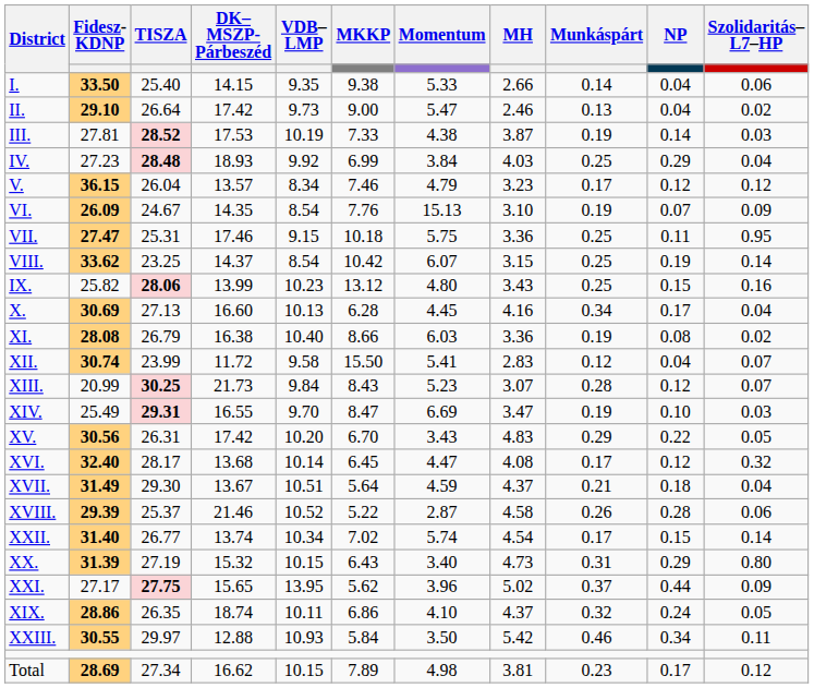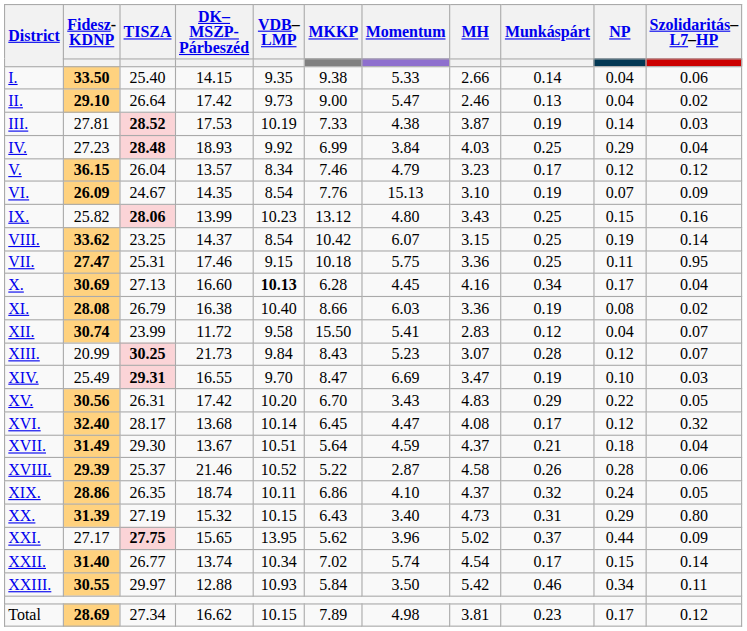 <table class="wikitable sortable" style="text-align:center;font-size:90%;line-height:14px">
 <tr style="height:40px;">
 <th style="width:30px;" rowspan="2"><a href='#'>District</a></th>
 <th style="width:40px;"><a href='#'>Fidesz</a>-<a href='#'>KDNP</a></th>
 <th style="width:40px;"><a href='#'>TISZA</a></th>
 <th style="width:40px;"><a href='#'>DK–MSZP-Párbeszéd</a></th>
 <th style="width:40px;"><a href='#'>VDB</a>–<a href='#'>LMP</a></th>
 <th style="width:40px;"><a href='#'>MKKP</a></th>
 <th style="width:40px;"><a href='#'>Momentum</a></th>
 <th style="width:40px;"><a href='#'>MH</a></th>
 <th style="width:40px;"><a href='#'>Munkáspárt</a></th>
 <th style="width:40px;"><a href='#'>NP</a></th>
 <th style="width:40px;"><a href='#'>Szolidaritás</a>–<a href='#'>L7</a>–<a href='#'>HP</a></th>
 </tr>
 <tr>
 <th style="background:"></th>
 <th style="background:"></th>
 <th style="background:"></th>
 <th style="background:"></th>
 <th style="background:#808080;"></th>
 <th style="background:#8E6FCE;"></th>
 <th style="background:"></th>
 <th style="background:"></th>
 <th style="background:#023854;"></th>
 <th style="background:#CC0000;"></th>
 </tr>
 <tr>
 <td align="left"><a href='#'>I.</a></td>
 <td style="background:#ffd27f;"><strong>33.50</strong></td>
 <td>25.40</td>
 <td>14.15</td>
 <td>9.35</td>
 <td>9.38</td>
 <td>5.33</td>
 <td>2.66</td>
 <td>0.14</td>
 <td>0.04</td>
 <td>0.06</td>
 </tr>
 <tr>
 <td align="left"><a href='#'>II.</a></td>
 <td style="background:#ffd27f;"><strong>29.10</strong></td>
 <td>26.64</td>
 <td>17.42</td>
 <td>9.73</td>
 <td>9.00</td>
 <td>5.47</td>
 <td>2.46</td>
 <td>0.13</td>
 <td>0.04</td>
 <td>0.02</td>
 </tr>
 <tr>
 <td align="left"><a href='#'>III.</a></td>
 <td>27.81</td>
 <td style="background:#FBD4D7;"><strong>28.52</strong></td>
 <td>17.53</td>
 <td>10.19</td>
 <td>7.33</td>
 <td>4.38</td>
 <td>3.87</td>
 <td>0.19</td>
 <td>0.14</td>
 <td>0.03</td>
 </tr>
 <tr>
 <td align="left"><a href='#'>IV.</a></td>
 <td>27.23</td>
 <td style="background:#FBD4D7;"><strong>28.48</strong></td>
 <td>18.93</td>
 <td>9.92</td>
 <td>6.99</td>
 <td>3.84</td>
 <td>4.03</td>
 <td>0.25</td>
 <td>0.29</td>
 <td>0.04</td>
 </tr>
 <tr>
 <td align="left"><a href='#'>V.</a></td>
 <td style="background:#ffd27f;"><strong>36.15</strong></td>
 <td>26.04</td>
 <td>13.57</td>
 <td>8.34</td>
 <td>7.46</td>
 <td>4.79</td>
 <td>3.23</td>
 <td>0.17</td>
 <td>0.12</td>
 <td>0.12</td>
 </tr>
 <tr>
 <td align="left"><a href='#'>VI.</a></td>
 <td style="background:#ffd27f;"><strong>26.09</strong></td>
 <td>24.67</td>
 <td>14.35</td>
 <td>8.54</td>
 <td>7.76</td>
 <td>15.13</td>
 <td>3.10</td>
 <td>0.19</td>
 <td>0.07</td>
 <td>0.09</td>
 </tr>
 <tr>
-<td align="left"><a href='#'>VII.</a></td>
-<td style="background:#ffd27f;"><strong>27.47</strong></td>
-<td>25.31</td>
-<td>17.46</td>
-<td>9.15</td>
-<td>10.18</td>
-<td>5.75</td>
-<td>3.36</td>
+<td align="left"><a href='#'>IX.</a></td>
+<td>25.82</td>
+<td style="background:#FBD4D7;"><strong>28.06</strong></td>
+<td>13.99</td>
+<td>10.23</td>
+<td>13.12</td>
+<td>4.80</td>
+<td>3.43</td>
 <td>0.25</td>
-<td>0.11</td>
-<td>0.95</td>
+<td>0.15</td>
+<td>0.16</td>
 </tr>
 <tr>
 <td align="left"><a href='#'>VIII.</a></td>
 <td style="background:#ffd27f;"><strong>33.62</strong></td>
 <td>23.25</td>
 <td>14.37</td>
 <td>8.54</td>
 <td>10.42</td>
 <td>6.07</td>
 <td>3.15</td>
 <td>0.25</td>
 <td>0.19</td>
 <td>0.14</td>
 </tr>
 <tr>
-<td align="left"><a href='#'>IX.</a></td>
-<td>25.82</td>
-<td style="background:#FBD4D7;"><strong>28.06</strong></td>
-<td>13.99</td>
-<td>10.23</td>
-<td>13.12</td>
-<td>4.80</td>
-<td>3.43</td>
+<td align="left"><a href='#'>VII.</a></td>
+<td style="background:#ffd27f;"><strong>27.47</strong></td>
+<td>25.31</td>
+<td>17.46</td>
+<td>9.15</td>
+<td>10.18</td>
+<td>5.75</td>
+<td>3.36</td>
 <td>0.25</td>
-<td>0.15</td>
-<td>0.16</td>
+<td>0.11</td>
+<td>0.95</td>
 </tr>
 <tr>
 <td align="left"><a href='#'>X.</a></td>
 <td style="background:#ffd27f;"><strong>30.69</strong></td>
 <td>27.13</td>
 <td>16.60</td>
-<td>10.13</td>
+<td><strong>10.13</strong></td>
 <td>6.28</td>
 <td>4.45</td>
 <td>4.16</td>
 <td>0.34</td>
 <td>0.17</td>
 <td>0.04</td>
 </tr>
 <tr>
 <td align="left"><a href='#'>XI.</a></td>
 <td style="background:#ffd27f;"><strong>28.08</strong></td>
 <td>26.79</td>
 <td>16.38</td>
 <td>10.40</td>
 <td>8.66</td>
 <td>6.03</td>
 <td>3.36</td>
 <td>0.19</td>
 <td>0.08</td>
 <td>0.02</td>
 </tr>
 <tr>
 <td align="left"><a href='#'>XII.</a></td>
 <td style="background:#ffd27f;"><strong>30.74</strong></td>
 <td>23.99</td>
 <td>11.72</td>
 <td>9.58</td>
 <td>15.50</td>
 <td>5.41</td>
 <td>2.83</td>
 <td>0.12</td>
 <td>0.04</td>
 <td>0.07</td>
 </tr>
 <tr>
 <td align="left"><a href='#'>XIII.</a></td>
 <td>20.99</td>
 <td style="background:#FBD4D7;"><strong>30.25</strong></td>
 <td>21.73</td>
 <td>9.84</td>
 <td>8.43</td>
 <td>5.23</td>
 <td>3.07</td>
 <td>0.28</td>
 <td>0.12</td>
 <td>0.07</td>
 </tr>
 <tr>
 <td align="left"><a href='#'>XIV.</a></td>
 <td>25.49</td>
 <td style="background:#FBD4D7;"><strong>29.31</strong></td>
 <td>16.55</td>
 <td>9.70</td>
 <td>8.47</td>
 <td>6.69</td>
 <td>3.47</td>
 <td>0.19</td>
 <td>0.10</td>
 <td>0.03</td>
 </tr>
 <tr>
 <td align="left"><a href='#'>XV.</a></td>
 <td style="background:#ffd27f;"><strong>30.56</strong></td>
 <td>26.31</td>
 <td>17.42</td>
 <td>10.20</td>
 <td>6.70</td>
 <td>3.43</td>
 <td>4.83</td>
 <td>0.29</td>
 <td>0.22</td>
 <td>0.05</td>
 </tr>
 <tr>
 <td align="left"><a href='#'>XVI.</a></td>
 <td style="background:#ffd27f;"><strong>32.40</strong></td>
 <td>28.17</td>
 <td>13.68</td>
 <td>10.14</td>
 <td>6.45</td>
 <td>4.47</td>
 <td>4.08</td>
 <td>0.17</td>
 <td>0.12</td>
 <td>0.32</td>
 </tr>
 <tr>
 <td align="left"><a href='#'>XVII.</a></td>
 <td style="background:#ffd27f;"><strong>31.49</strong></td>
 <td>29.30</td>
 <td>13.67</td>
 <td>10.51</td>
 <td>5.64</td>
 <td>4.59</td>
 <td>4.37</td>
 <td>0.21</td>
 <td>0.18</td>
 <td>0.04</td>
 </tr>
 <tr>
 <td align="left"><a href='#'>XVIII.</a></td>
 <td style="background:#ffd27f;"><strong>29.39</strong></td>
 <td>25.37</td>
 <td>21.46</td>
 <td>10.52</td>
 <td>5.22</td>
 <td>2.87</td>
 <td>4.58</td>
 <td>0.26</td>
 <td>0.28</td>
 <td>0.06</td>
 </tr>
 <tr>
-<td align="left"><a href='#'>XXII.</a></td>
-<td style="background:#ffd27f;"><strong>31.40</strong></td>
-<td>26.77</td>
-<td>13.74</td>
-<td>10.34</td>
-<td>7.02</td>
-<td>5.74</td>
-<td>4.54</td>
-<td>0.17</td>
-<td>0.15</td>
-<td>0.14</td>
+<td align="left"><a href='#'>XIX.</a></td>
+<td style="background:#ffd27f;"><strong>28.86</strong></td>
+<td>26.35</td>
+<td>18.74</td>
+<td>10.11</td>
+<td>6.86</td>
+<td>4.10</td>
+<td>4.37</td>
+<td>0.32</td>
+<td>0.24</td>
+<td>0.05</td>
 </tr>
 <tr>
 <td align="left"><a href='#'>XX.</a></td>
 <td style="background:#ffd27f;"><strong>31.39</strong></td>
 <td>27.19</td>
 <td>15.32</td>
 <td>10.15</td>
 <td>6.43</td>
 <td>3.40</td>
 <td>4.73</td>
 <td>0.31</td>
 <td>0.29</td>
 <td>0.80</td>
 </tr>
 <tr>
 <td align="left"><a href='#'>XXI.</a></td>
 <td>27.17</td>
 <td style="background:#FBD4D7;"><strong>27.75</strong></td>
 <td>15.65</td>
 <td>13.95</td>
 <td>5.62</td>
 <td>3.96</td>
 <td>5.02</td>
 <td>0.37</td>
 <td>0.44</td>
 <td>0.09</td>
 </tr>
 <tr>
-<td align="left"><a href='#'>XIX.</a></td>
-<td style="background:#ffd27f;"><strong>28.86</strong></td>
-<td>26.35</td>
-<td>18.74</td>
-<td>10.11</td>
-<td>6.86</td>
-<td>4.10</td>
-<td>4.37</td>
-<td>0.32</td>
-<td>0.24</td>
-<td>0.05</td>
+<td align="left"><a href='#'>XXII.</a></td>
+<td style="background:#ffd27f;"><strong>31.40</strong></td>
+<td>26.77</td>
+<td>13.74</td>
+<td>10.34</td>
+<td>7.02</td>
+<td>5.74</td>
+<td>4.54</td>
+<td>0.17</td>
+<td>0.15</td>
+<td>0.14</td>
 </tr>
 <tr>
 <td align="left"><a href='#'>XXIII.</a></td>
 <td style="background:#ffd27f;"><strong>30.55</strong></td>
 <td>29.97</td>
 <td>12.88</td>
 <td>10.93</td>
 <td>5.84</td>
 <td>3.50</td>
 <td>5.42</td>
 <td>0.46</td>
 <td>0.34</td>
 <td>0.11</td>
 </tr>
 <tr>
 <td colspan=10></td>
 </tr>
 <tr>
 <td align="left">Total</td>
 <td style="background:#ffd27f;"><strong>28.69</strong></td>
 <td>27.34</td>
 <td>16.62</td>
 <td>10.15</td>
 <td>7.89</td>
 <td>4.98</td>
 <td>3.81</td>
 <td>0.23</td>
 <td>0.17</td>
 <td>0.12</td>
 </tr>
 </table>
